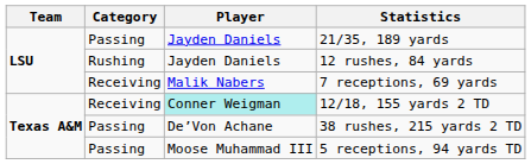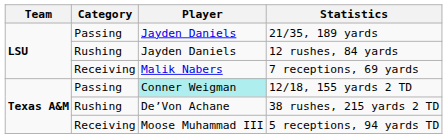 <table class="wikitable" style="float: right;">
 <tr>
 <th>Team</th>
 <th>Category</th>
 <th>Player</th>
 <th>Statistics</th>
 </tr>
 <tr>
 <td rowspan=3><strong>LSU</strong></td>
 <td>Passing</td>
 <td><a href='#'>Jayden Daniels</a></td>
 <td>21/35, 189 yards</td>
 </tr>
 <tr>
 <td>Rushing</td>
 <td>Jayden Daniels</td>
 <td>12 rushes, 84 yards</td>
 </tr>
 <tr>
 <td>Receiving</td>
 <td><a href='#'>Malik Nabers</a></td>
 <td>7 receptions, 69 yards</td>
 </tr>
 <tr>
 <td rowspan=3><strong>Texas A&M</strong></td>
-<td>Receiving</td>
+<td>Passing</td>
 <td style="background: paleturquoise;">Conner Weigman</td>
 <td>12/18, 155 yards 2 TD</td>
 </tr>
 <tr>
-<td>Passing</td>
+<td>Rushing</td>
 <td>De’Von Achane</td>
 <td>38 rushes, 215 yards 2 TD</td>
 </tr>
 <tr>
-<td>Passing</td>
+<td>Receiving</td>
 <td>Moose Muhammad III</td>
 <td>5 receptions, 94 yards TD</td>
 </tr>
 </table>
